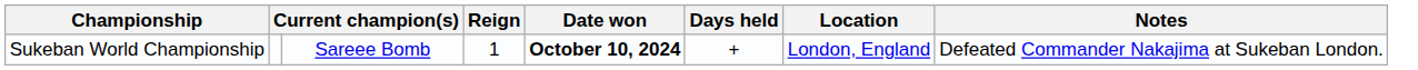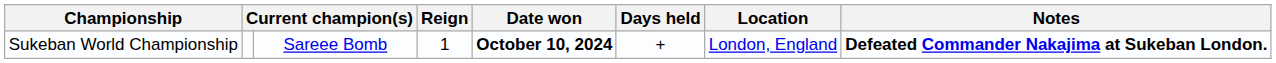 <table class="wikitable" style="text-align:center; background:#fcfdff; font-size:85%;">
 <tr>
 <th>Championship</th>
 <th colspan=2>Current champion(s)</th>
 <th>Reign</th>
 <th>Date won</th>
 <th>Days held</th>
 <th>Location</th>
 <th>Notes</th>
 </tr>
 <tr>
 <td>Sukeban World Championship</td>
 <td></td>
 <td><a href='#'>Sareee Bomb</a></td>
 <td>1</td>
 <td><strong>October 10, 2024</strong></td>
 <td>+</td>
 <td><a href='#'>London, England</a></td>
-<td align=left>Defeated <a href='#'>Commander Nakajima</a> at Sukeban London.</td>
+<td align=left><strong>Defeated <a href='#'>Commander Nakajima</a> at Sukeban London.</strong></td>
 </tr>
 </table>
